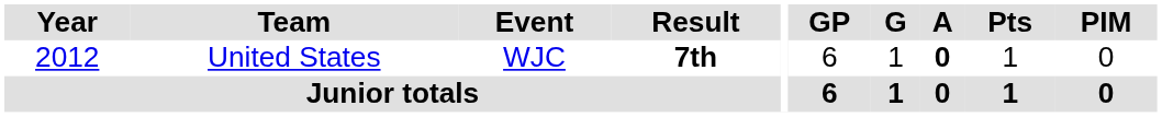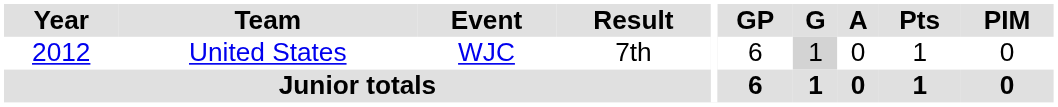 <table border="0" cellpadding="1" cellspacing="0" ID="Table3" style="text-align:center; width:40em">
 <tr ALIGN="center" bgcolor="#e0e0e0">
 <th>Year</th>
 <th>Team</th>
 <th>Event</th>
 <th>Result</th>
 <th rowspan="99" bgcolor="#ffffff"></th>
 <th>GP</th>
 <th>G</th>
 <th>A</th>
 <th>Pts</th>
 <th>PIM</th>
 </tr>
 <tr>
 <td><a href='#'>2012</a></td>
 <td><a href='#'>United States</a></td>
 <td><a href='#'>WJC</a></td>
-<td><strong>7th</strong></td>
+<td>7th</td>
 <td>6</td>
-<td>1</td>
-<td><strong>0</strong></td>
+<td style="background: lightgrey;">1</td>
+<td>0</td>
 <td>1</td>
 <td>0</td>
 </tr>
 <tr bgcolor="#e0e0e0">
 <th colspan="4">Junior totals</th>
 <th>6</th>
 <th>1</th>
 <th>0</th>
 <th>1</th>
 <th>0</th>
 </tr>
 </table>
